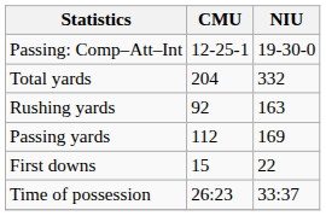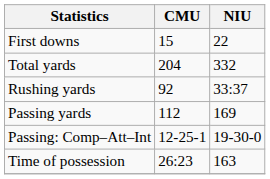 <table class="wikitable" style="float: left;">
 <tr>
 <th>Statistics</th>
 <th>CMU</th>
 <th>NIU</th>
 </tr>
 <tr>
-<td>Passing: Comp–Att–Int</td>
-<td>12-25-1</td>
-<td>19-30-0</td>
+<td>First downs</td>
+<td>15</td>
+<td>22</td>
 </tr>
 <tr>
 <td>Total yards</td>
 <td>204</td>
 <td>332</td>
 </tr>
 <tr>
 <td>Rushing yards</td>
 <td>92</td>
-<td>163</td>
+<td>33:37</td>
 </tr>
 <tr>
 <td>Passing yards</td>
 <td>112</td>
 <td>169</td>
 </tr>
 <tr>
-<td>First downs</td>
-<td>15</td>
-<td>22</td>
+<td>Passing: Comp–Att–Int</td>
+<td>12-25-1</td>
+<td>19-30-0</td>
 </tr>
 <tr>
 <td>Time of possession</td>
 <td>26:23</td>
-<td>33:37</td>
+<td>163</td>
 </tr>
 <tr>
 </tr>
 </table>
